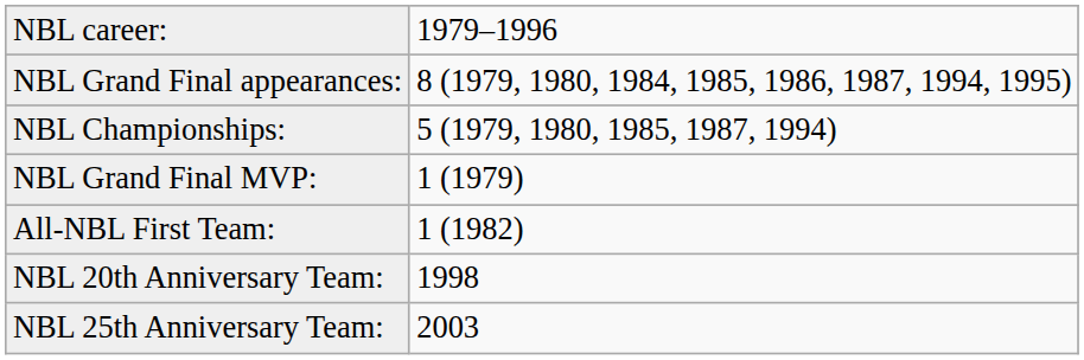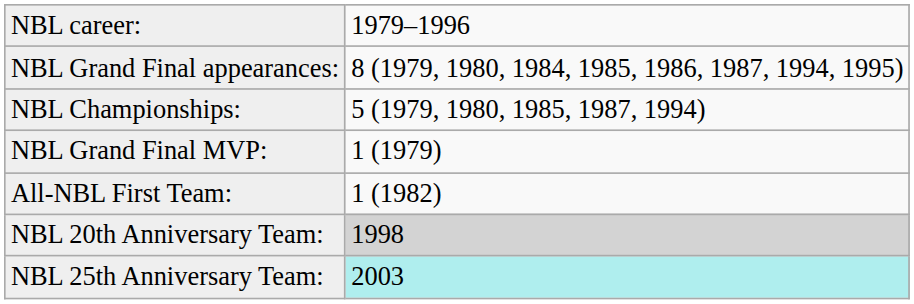 <table class="wikitable">
 <tr align=left>
 <td style="background:#efefef;">NBL career:</td>
 <td>1979–1996</td>
 </tr>
 <tr align=left>
 <td style="background:#efefef;">NBL Grand Final appearances:</td>
 <td>8 (1979, 1980, 1984, 1985, 1986, 1987, 1994, 1995)</td>
 </tr>
 <tr align=left>
 <td style="background:#efefef;">NBL Championships:</td>
 <td>5 (1979, 1980, 1985, 1987, 1994)</td>
 </tr>
 <tr align=left>
 <td style="background:#efefef;">NBL Grand Final MVP:</td>
 <td>1 (1979)</td>
 </tr>
 <tr align=left>
 <td style="background:#efefef;">All-NBL First Team:</td>
 <td>1 (1982)</td>
 </tr>
 <tr align=left>
 <td style="background:#efefef;">NBL 20th Anniversary Team:</td>
-<td>1998</td>
+<td style="background: lightgrey;">1998</td>
 </tr>
 <tr align=left>
 <td style="background:#efefef;">NBL 25th Anniversary Team:</td>
-<td>2003</td>
+<td style="background: paleturquoise;">2003</td>
 </tr>
 </table>
